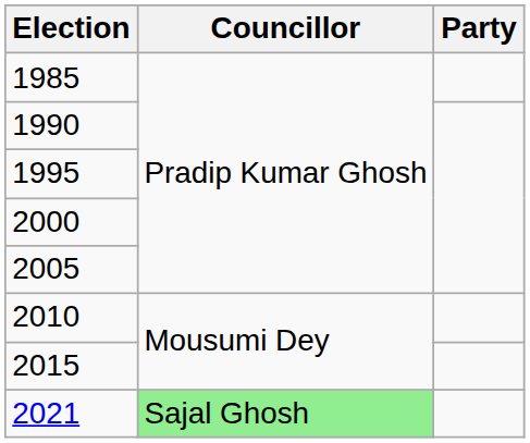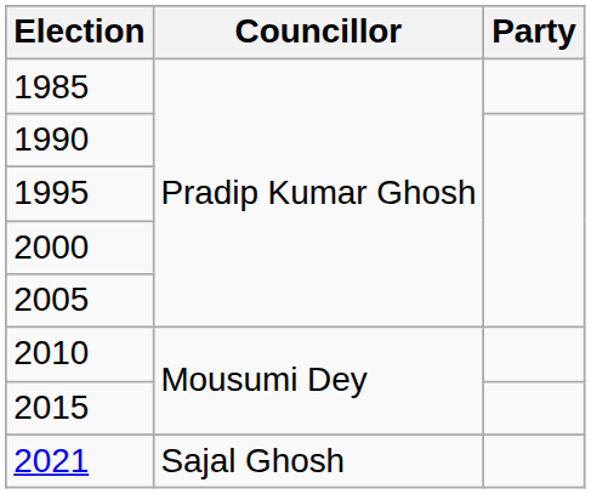 <table class="wikitable"ìÍĦĤĠčw>
 <tr>
 <th>Election</th>
 <th>Councillor</th>
 <th colspan=2>Party</th>
 </tr>
 <tr>
 <td>1985</td>
 <td rowspan=5>Pradip Kumar Ghosh</td>
 <td></td>
 </tr>
 <tr>
 <td>1990</td>
 </tr>
 <tr>
 <td>1995</td>
 </tr>
 <tr>
 <td>2000</td>
 </tr>
 <tr>
 <td>2005</td>
 </tr>
 <tr>
 <td>2010</td>
 <td rowspan=2>Mousumi Dey</td>
 <td></td>
 </tr>
 <tr>
 <td>2015</td>
 </tr>
 <tr>
 <td><a href='#'>2021</a></td>
-<td style="background: lightgreen;">Sajal Ghosh</td>
+<td>Sajal Ghosh</td>
 <td></td>
 </tr>
 </table>
